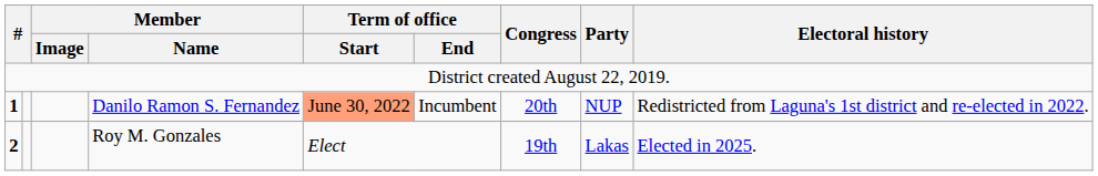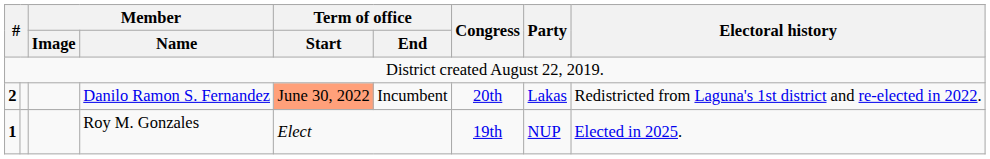 <table class="wikitable">
 <tr>
 <th rowspan="2" colspan="2">#</th>
 <th colspan="2">Member</th>
 <th colspan="2">Term of office</th>
 <th rowspan="2">Congress</th>
 <th rowspan="2">Party</th>
 <th rowspan="2">Electoral history</th>
 </tr>
 <tr>
 <th>Image</th>
 <th>Name</th>
 <th>Start</th>
 <th>End</th>
 </tr>
 <tr>
 <td colspan="10" style="text-align:center;">District created August 22, 2019.</td>
 </tr>
 <tr>
-<td style="text-align:center;"><strong>1</strong></td>
+<td style="text-align:center;"><strong>2</strong></td>
 <td style="color:inherit;background:"></td>
 <td></td>
 <td><a href='#'>Danilo Ramon S. Fernandez</a><br></td>
 <td style="background: lightsalmon;">June 30, 2022</td>
 <td>Incumbent</td>
 <td style="text-align:center;"><a href='#'>20th</a></td>
-<td><a href='#'>NUP</a></td>
+<td><a href='#'>Lakas</a></td>
 <td>Redistricted from <a href='#'>Laguna's 1st district</a> and <a href='#'>re-elected in 2022</a>.</td>
 </tr>
 <tr>
-<td style="text-align:center;"><strong>2</strong></td>
+<td style="text-align:center;"><strong>1</strong></td>
 <td style="color:inherit;background:"></td>
 <td></td>
 <td>Roy M. Gonzales<br><br></td>
 <td colspan="2"><em>Elect</em></td>
 <td style="text-align:center;"><a href='#'>19th</a></td>
-<td><a href='#'>Lakas</a></td>
+<td><a href='#'>NUP</a></td>
 <td><a href='#'>Elected in 2025</a>.</td>
 </tr>
 </table>
